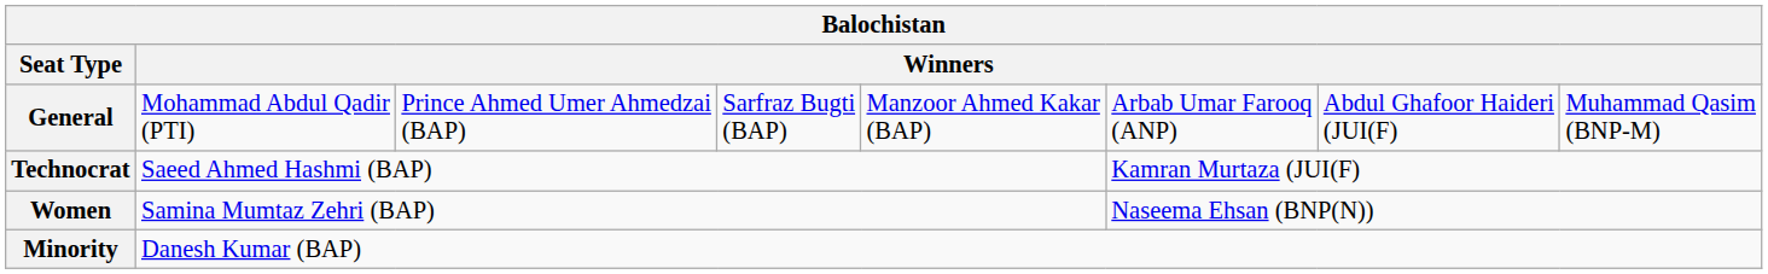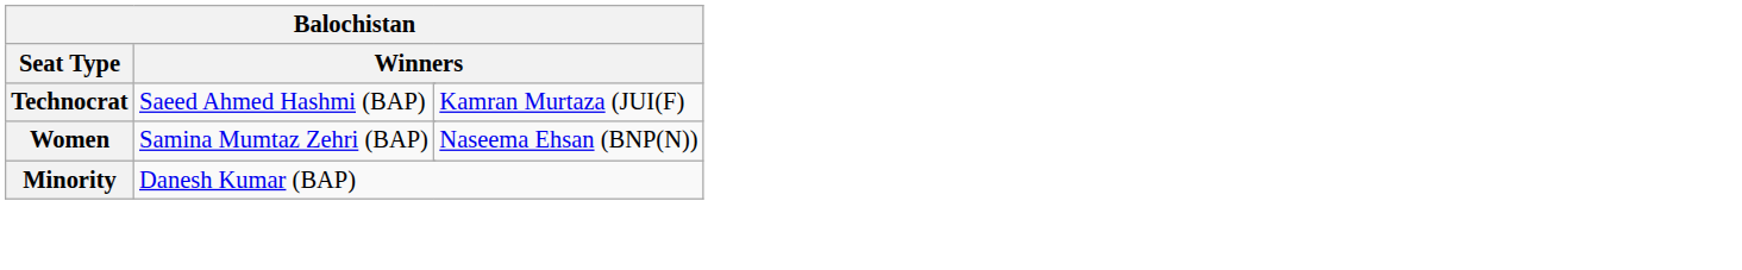 <table class="wikitable">
 <tr>
 <th colspan="8">Balochistan</th>
 </tr>
 <tr>
 <th>Seat Type</th>
 <th colspan="7">Winners</th>
-</tr>
-<tr>
-<th>General</th>
-<td style="background:"><a href='#'>Mohammad Abdul Qadir</a><br>(PTI)</td>
-<td style="background:"><a href='#'>Prince Ahmed Umer Ahmedzai</a><br>(BAP)</td>
-<td style="background:"><a href='#'>Sarfraz Bugti</a><br>(BAP)</td>
-<td style="background:"><a href='#'>Manzoor Ahmed Kakar</a><br>(BAP)</td>
-<td style="background:"><a href='#'>Arbab Umar Farooq</a><br>(ANP)</td>
-<td style="background:"><a href='#'>Abdul Ghafoor Haideri</a><br>(JUI(F)</td>
-<td style="background:"><a href='#'>Muhammad Qasim</a><br>(BNP-M)</td>
 </tr>
 <tr>
 <th>Technocrat</th>
 <td colspan="4" style="background:"><a href='#'>Saeed Ahmed Hashmi</a> (BAP)</td>
 <td colspan="3" style="background:"><a href='#'>Kamran Murtaza</a> (JUI(F)</td>
 </tr>
 <tr>
 <th>Women</th>
 <td colspan="4" style="background:"><a href='#'>Samina Mumtaz Zehri</a> (BAP)</td>
 <td colspan="3" style="background:"><a href='#'>Naseema Ehsan</a> (BNP(N))</td>
 </tr>
 <tr>
 <th>Minority</th>
 <td colspan="7" style="background:"><a href='#'>Danesh Kumar</a> (BAP)</td>
 </tr>
 </table>
